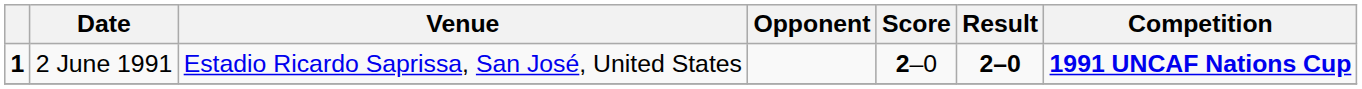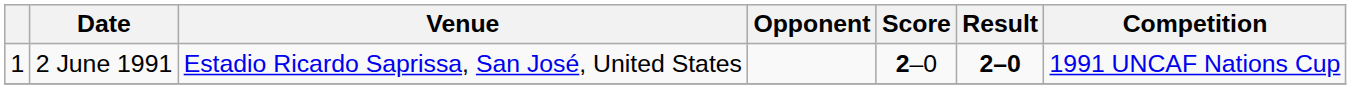 <table class="wikitable">
 <tr>
 <th></th>
 <th>Date</th>
 <th>Venue</th>
 <th>Opponent</th>
 <th>Score</th>
 <th>Result</th>
 <th>Competition</th>
 </tr>
 <tr>
-<td align="center"><strong>1</strong></td>
+<td align="center">1</td>
 <td>2 June 1991</td>
 <td><a href='#'>Estadio Ricardo Saprissa</a>, <a href='#'>San José</a>, United States</td>
 <td></td>
 <td align="center"><strong>2</strong>–0</td>
 <td align="center"><strong>2–0</strong></td>
-<td><strong><a href='#'>1991 UNCAF Nations Cup</a></strong></td>
+<td><a href='#'>1991 UNCAF Nations Cup</a></td>
 </tr>
 <tr>
 </tr>
 </table>
